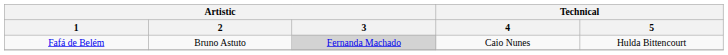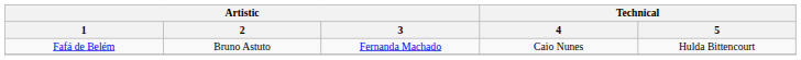 <table class="wikitable" style="font-size:90%; line-height:16px; text-align:center" width="85%">
 <tr>
 <th colspan=3>Artistic</th>
 <th colspan=2>Technical</th>
 </tr>
 <tr>
 <th>1</th>
 <th>2</th>
 <th>3</th>
 <th>4</th>
 <th>5</th>
 </tr>
 <tr>
 <td width=150><a href='#'>Fafá de Belém</a></td>
 <td width=150>Bruno Astuto</td>
-<td width=150 style="background: lightgrey;"><a href='#'>Fernanda Machado</a></td>
+<td width=150><a href='#'>Fernanda Machado</a></td>
 <td width=150>Caio Nunes</td>
 <td width=150>Hulda Bittencourt</td>
 </tr>
 <tr>
 </tr>
 </table>
